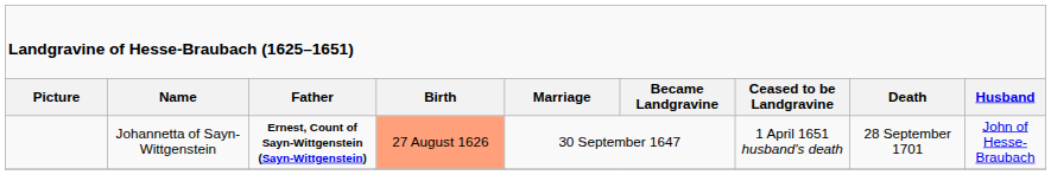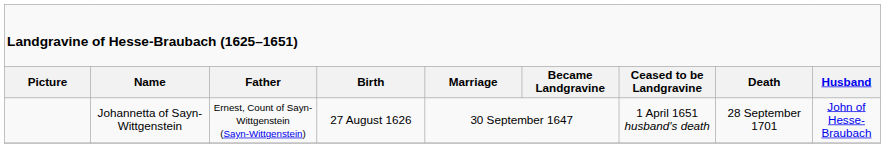 <table width=95% class="wikitable">
 <tr>
 <td colspan="9"><br><h3>Landgravine of Hesse-Braubach (1625–1651)</h3></td>
 </tr>
 <tr>
 <th width = "8%">Picture</th>
 <th width = "11%">Name</th>
 <th width = "10%">Father</th>
 <th width = "10%">Birth</th>
 <th width = "9%">Marriage</th>
 <th width = "9%">Became Landgravine</th>
 <th width = "9%">Ceased to be Landgravine</th>
 <th width = "9%">Death</th>
 <th width = "6%"><a href='#'>Husband</a></th>
 </tr>
 <tr>
 <td align="center"></td>
 <td align="center">Johannetta of Sayn-Wittgenstein</td>
-<td align="center"><strong><small>Ernest, Count of Sayn-Wittgenstein<br>(<a href='#'>Sayn-Wittgenstein</a>)</small></strong></td>
-<td align="center" style="background: lightsalmon;">27 August 1626</td>
+<td align="center"><small>Ernest, Count of Sayn-Wittgenstein<br>(<a href='#'>Sayn-Wittgenstein</a>)</small></td>
+<td align="center">27 August 1626</td>
 <td align="center" colspan="2">30 September 1647</td>
 <td align="center">1 April 1651<br><em>husband's death</em></td>
 <td align="center">28 September 1701</td>
 <td align="center"><a href='#'>John of Hesse-Braubach</a></td>
 </tr>
 <tr>
 </tr>
 </table>
